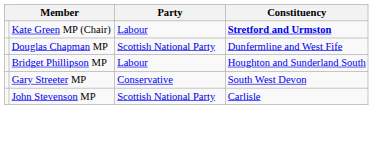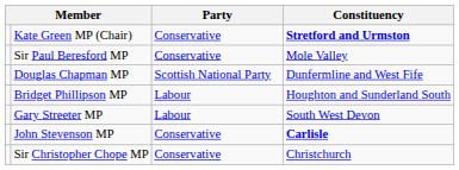 <table class="wikitable">
 <tr>
 <th colspan="2" valign="top" width="160px">Member</th>
 <th valign="top" width="160px">Party</th>
 <th valign="top">Constituency</th>
 </tr>
 <tr>
 <td></td>
 <td><a href='#'>Kate Green</a> MP (Chair)</td>
-<td><a href='#'>Labour</a></td>
+<td><a href='#'>Conservative</a></td>
 <td><strong><a href='#'>Stretford and Urmston</a></strong></td>
+</tr>
+<tr>
+<td></td>
+<td>Sir <a href='#'>Paul Beresford</a> MP</td>
+<td><a href='#'>Conservative</a></td>
+<td><a href='#'>Mole Valley</a></td>
 </tr>
 <tr>
 <td></td>
 <td><a href='#'>Douglas Chapman</a> MP</td>
 <td><a href='#'>Scottish National Party</a></td>
 <td><a href='#'>Dunfermline and West Fife</a></td>
 </tr>
 <tr>
 <td></td>
 <td><a href='#'>Bridget Phillipson</a> MP</td>
 <td><a href='#'>Labour</a></td>
 <td><a href='#'>Houghton and Sunderland South</a></td>
 </tr>
 <tr>
 <td></td>
 <td><a href='#'>Gary Streeter</a> MP</td>
-<td><a href='#'>Conservative</a></td>
+<td><a href='#'>Labour</a></td>
 <td><a href='#'>South West Devon</a></td>
 </tr>
 <tr>
 <td></td>
 <td><a href='#'>John Stevenson</a> MP</td>
-<td><a href='#'>Scottish National Party</a></td>
-<td><a href='#'>Carlisle</a></td>
+<td><a href='#'>Conservative</a></td>
+<td><strong><a href='#'>Carlisle</a></strong></td>
+</tr>
+<tr>
+<td></td>
+<td>Sir <a href='#'>Christopher Chope</a> MP</td>
+<td><a href='#'>Conservative</a></td>
+<td><a href='#'>Christchurch</a></td>
 </tr>
 </table>
